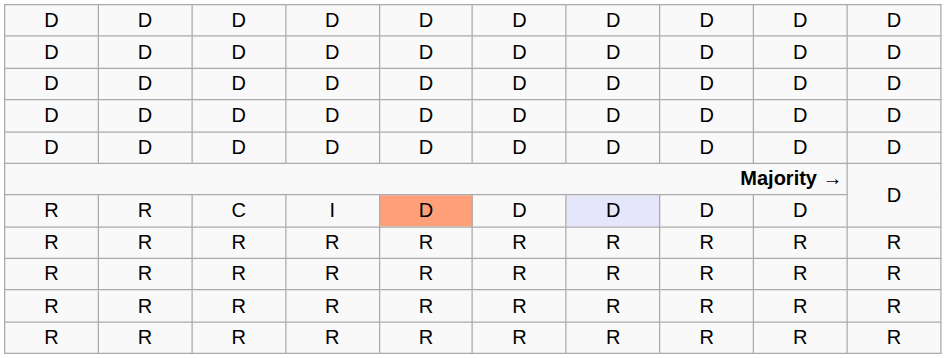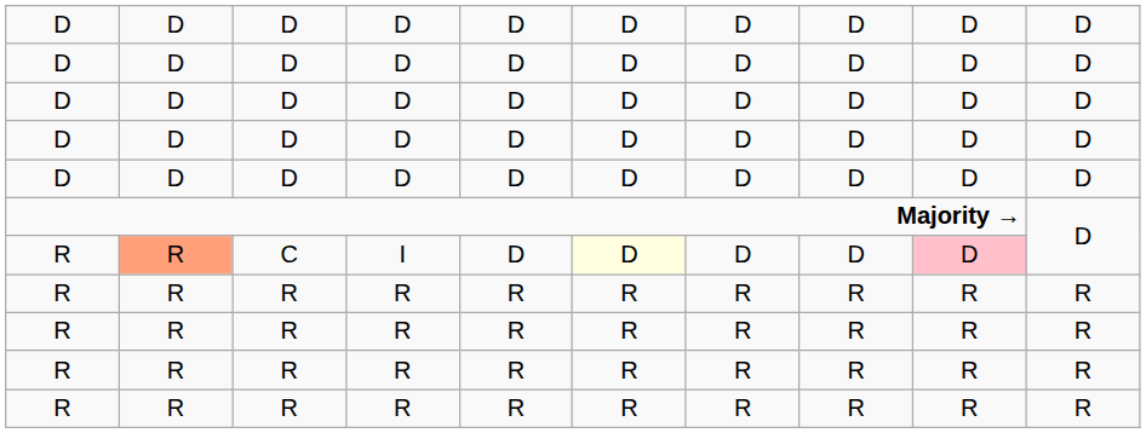 <table class="wikitable" style="text-align:center" width=750px>
 <tr>
 <td>D</td>
 <td>D</td>
 <td>D</td>
 <td>D</td>
 <td>D</td>
 <td>D</td>
 <td>D</td>
 <td>D</td>
 <td>D</td>
 <td>D</td>
 </tr>
 <tr>
 <td width=10%  >D</td>
 <td width=10%  >D</td>
 <td width=10%  >D</td>
 <td width=10%  >D</td>
 <td width=10%  >D</td>
 <td width=10%  >D</td>
 <td width=10%  >D</td>
 <td width=10%  >D</td>
 <td width=10%  >D</td>
 <td width=10%  >D</td>
 </tr>
 <tr>
 <td>D</td>
 <td>D</td>
 <td>D</td>
 <td>D</td>
 <td>D</td>
 <td>D</td>
 <td>D</td>
 <td>D</td>
 <td>D</td>
 <td>D</td>
 </tr>
 <tr>
 <td>D</td>
 <td>D</td>
 <td>D</td>
 <td>D</td>
 <td>D</td>
 <td>D</td>
 <td>D</td>
 <td>D</td>
 <td>D</td>
 <td>D</td>
 </tr>
 <tr>
 <td>D<br></td>
 <td>D<br></td>
 <td>D<br></td>
 <td>D<br></td>
 <td>D<br></td>
 <td>D<br></td>
 <td>D<br></td>
 <td>D<br></td>
 <td>D<br></td>
 <td>D<br></td>
 </tr>
 <tr>
 <td colspan=9 align=right><strong>Majority →</strong></td>
 <td rowspan=2 >D<br></td>
 </tr>
 <tr>
 <td>R<br></td>
-<td>R<br></td>
+<td style="background: lightsalmon;">R<br></td>
 <td>C</td>
 <td>I</td>
-<td style="background: lightsalmon;">D<br></td>
 <td>D<br></td>
-<td style="background: lavender;">D<br></td>
+<td style="background: lightyellow;">D<br></td>
 <td>D<br></td>
 <td>D<br></td>
+<td style="background: pink;">D<br></td>
 </tr>
 <tr>
 <td>R<br></td>
 <td>R<br></td>
 <td>R<br></td>
 <td>R<br></td>
 <td>R<br></td>
 <td>R<br></td>
 <td>R<br></td>
 <td>R<br></td>
 <td>R<br></td>
 <td>R<br></td>
 </tr>
 <tr>
 <td>R</td>
 <td>R</td>
 <td>R</td>
 <td>R</td>
 <td>R</td>
 <td>R<br></td>
 <td>R<br></td>
 <td>R<br></td>
 <td>R<br></td>
 <td>R<br></td>
 </tr>
 <tr>
 <td>R</td>
 <td>R</td>
 <td>R</td>
 <td>R</td>
 <td>R</td>
 <td>R</td>
 <td>R</td>
 <td>R</td>
 <td>R</td>
 <td>R</td>
 </tr>
 <tr>
 <td>R</td>
 <td>R</td>
 <td>R</td>
 <td>R</td>
 <td>R</td>
 <td>R</td>
 <td>R</td>
 <td>R</td>
 <td>R</td>
 <td>R</td>
 </tr>
 </table>
